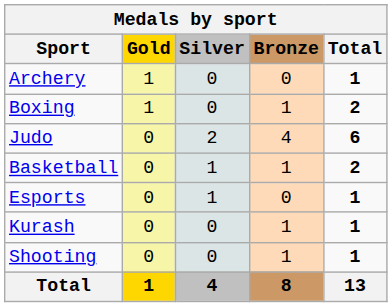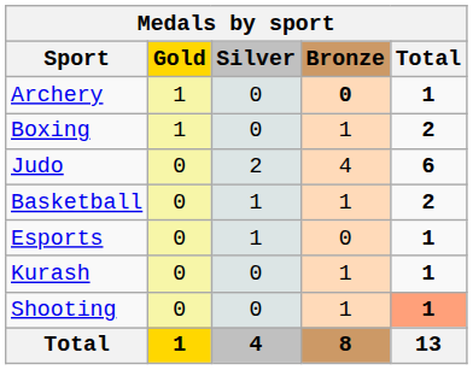 <table class="wikitable sortable"style="font-size:100%; text-align:center;">
 <tr style="background:#efefef;">
 <th colspan=5>Medals by sport</th>
 </tr>
 <tr>
 <th><strong>Sport</strong></th>
 <th style="background-color:gold;"><strong>Gold </strong></th>
 <th style="background-color:silver;"><strong>Silver </strong></th>
 <th style="background-color:#c96;"><strong>Bronze </strong></th>
 <th><strong>Total</strong></th>
 </tr>
 <tr>
 <td align=left> <a href='#'>Archery</a></td>
 <td style="background:#F7F6A8;">1</td>
 <td style="background:#DCE5E5;">0</td>
-<td style="background:#FFDAB9;">0</td>
+<td style="background:#FFDAB9;"><strong>0</strong></td>
 <td><strong>1</strong></td>
 </tr>
 <tr>
 <td align=left> <a href='#'>Boxing</a></td>
 <td style="background:#F7F6A8;">1</td>
 <td style="background:#DCE5E5;">0</td>
 <td style="background:#FFDAB9;">1</td>
 <td><strong>2</strong></td>
 </tr>
 <tr>
 <td align=left> <a href='#'>Judo</a></td>
 <td style="background:#F7F6A8;">0</td>
 <td style="background:#DCE5E5;">2</td>
 <td style="background:#FFDAB9;">4</td>
 <td><strong>6</strong></td>
 </tr>
 <tr>
 <td align=left> <a href='#'>Basketball</a></td>
 <td style="background:#F7F6A8;">0</td>
 <td style="background:#DCE5E5;">1</td>
 <td style="background:#FFDAB9;">1</td>
 <td><strong>2</strong></td>
 </tr>
 <tr>
 <td align=left> <a href='#'>Esports</a></td>
 <td style="background:#F7F6A8;">0</td>
 <td style="background:#DCE5E5;">1</td>
 <td style="background:#FFDAB9;">0</td>
 <td><strong>1</strong></td>
 </tr>
 <tr>
 <td align=left> <a href='#'>Kurash</a></td>
 <td style="background:#F7F6A8;">0</td>
 <td style="background:#DCE5E5;">0</td>
 <td style="background:#FFDAB9;">1</td>
 <td><strong>1</strong></td>
 </tr>
 <tr>
 <td align=left> <a href='#'>Shooting</a></td>
 <td style="background:#F7F6A8;">0</td>
 <td style="background:#DCE5E5;">0</td>
 <td style="background:#FFDAB9;">1</td>
-<td><strong>1</strong></td>
+<td style="background: lightsalmon;"><strong>1</strong></td>
 </tr>
 <tr>
 <th>Total</th>
 <th style="background:gold;">1</th>
 <th style="background:silver;">4</th>
 <th style="background:#c96;">8</th>
 <th>13</th>
 </tr>
 </table>
